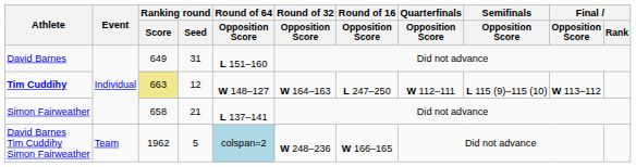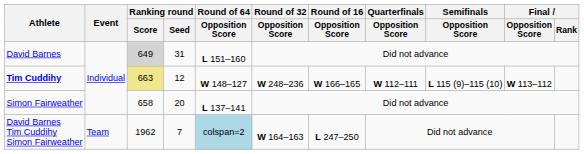 <table class="wikitable" style="font-size:90%">
 <tr>
 <th rowspan="2">Athlete</th>
 <th rowspan="2">Event</th>
 <th colspan="2">Ranking round</th>
 <th>Round of 64</th>
 <th>Round of 32</th>
 <th>Round of 16</th>
 <th>Quarterfinals</th>
 <th>Semifinals</th>
 <th colspan="2">Final / </th>
 </tr>
 <tr style="font-size:95%">
 <th>Score</th>
 <th>Seed</th>
 <th>Opposition<br>Score</th>
 <th>Opposition<br>Score</th>
 <th>Opposition<br>Score</th>
 <th>Opposition<br>Score</th>
 <th>Opposition<br>Score</th>
 <th>Opposition<br>Score</th>
 <th>Rank</th>
 </tr>
 <tr align=center>
 <td align=left><a href='#'>David Barnes</a></td>
 <td align=left rowspan=3><a href='#'>Individual</a></td>
-<td>649</td>
+<td style="background: lightgrey;">649</td>
 <td>31</td>
 <td><br> <strong>L</strong> 151–160</td>
 <td colspan=6>Did not advance</td>
 </tr>
 <tr align=center>
 <td align=left><strong><a href='#'>Tim Cuddihy</a></strong></td>
 <td style="background: khaki;">663</td>
 <td>12</td>
 <td><br><strong>W</strong> 148–127</td>
-<td><br><strong>W</strong> 164–163</td>
-<td><br><strong>L</strong> 247–250</td>
+<td><br><strong>W</strong> 248–236</td>
+<td><br><strong>W</strong> 166–165</td>
 <td><br><strong>W</strong> 112–111</td>
 <td><br> <strong>L</strong> 115 (9)–115 (10)</td>
 <td><br><strong>W</strong> 113–112</td>
 <td></td>
 </tr>
 <tr align=center>
 <td align=left><a href='#'>Simon Fairweather</a></td>
 <td>658</td>
-<td>21</td>
+<td>20</td>
 <td><br> <strong>L</strong> 137–141</td>
 <td colspan=6>Did not advance</td>
 </tr>
 <tr align=center>
 <td align=left><a href='#'>David Barnes</a><br><a href='#'>Tim Cuddihy</a><br><a href='#'>Simon Fairweather</a></td>
 <td align=left><a href='#'>Team</a></td>
 <td>1962</td>
-<td>5</td>
+<td>7</td>
 <td style="background: lightblue;">colspan=2 </td>
-<td><br><strong>W</strong> 248–236</td>
-<td><br><strong>W</strong> 166–165</td>
+<td><br><strong>W</strong> 164–163</td>
+<td><br><strong>L</strong> 247–250</td>
 <td colspan=3>Did not advance</td>
 </tr>
 </table>
